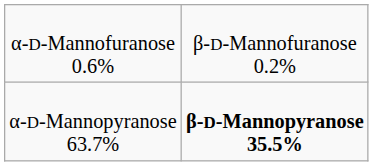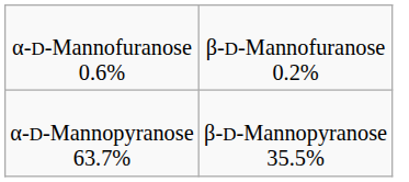 <table class="wikitable">
 <tr>
 <td align="center"><br>α-<small>D</small>-Mannofuranose<br>0.6%</td>
 <td align="center"><br>β-<small>D</small>-Mannofuranose<br>0.2%</td>
 </tr>
 <tr>
 <td align="center"><br>α-<small>D</small>-Mannopyranose<br>63.7%</td>
-<td align="center"><strong><br>β-<small>D</small>-Mannopyranose<br>35.5%</strong></td>
+<td align="center"><br>β-<small>D</small>-Mannopyranose<br>35.5%</td>
 </tr>
 </table>
